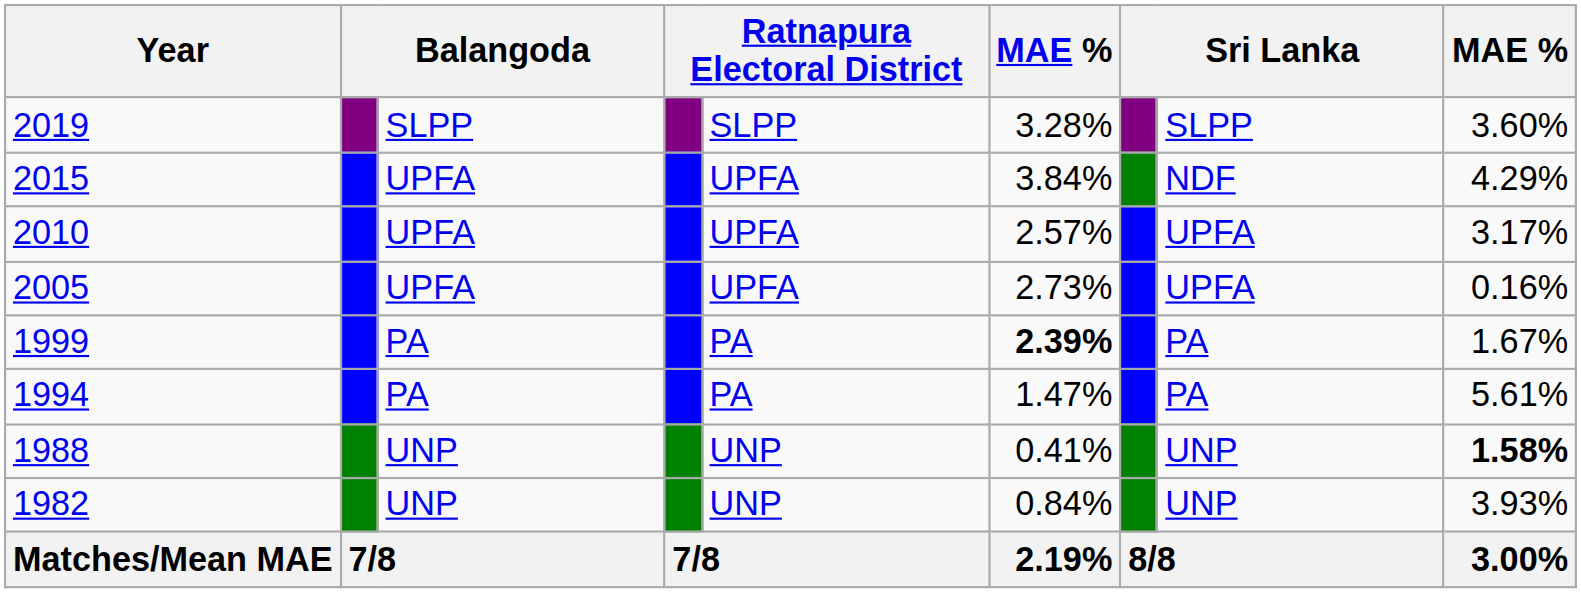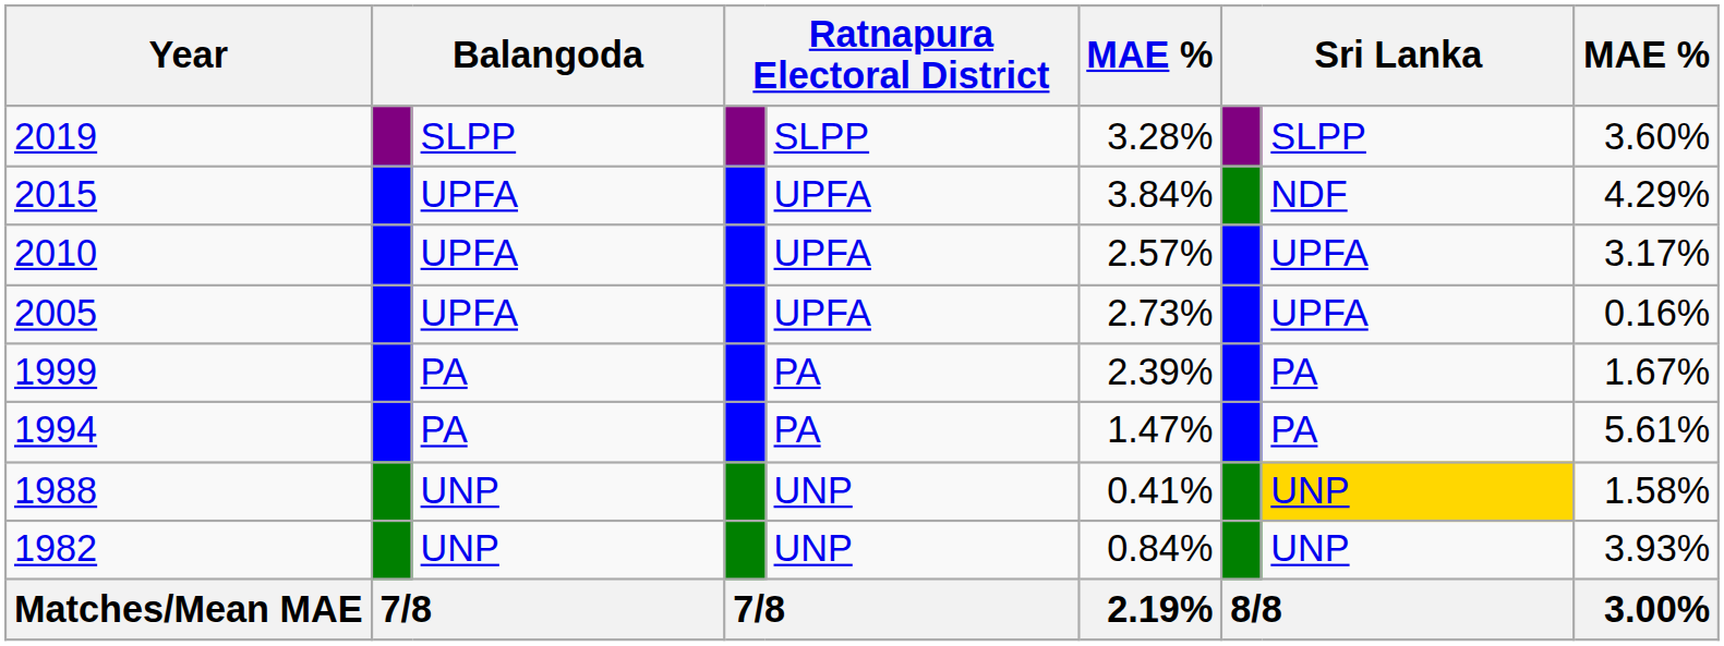 <table class="wikitable">
 <tr>
 <th>Year</th>
 <th colspan="2" width="144px">Balangoda</th>
 <th colspan="2" width="144px"><a href='#'>Ratnapura Electoral District</a></th>
 <th><a href='#'>MAE</a> %</th>
 <th colspan="2" width="144px">Sri Lanka</th>
 <th>MAE %</th>
 </tr>
 <tr>
 <td><a href='#'>2019</a></td>
 <td style="background-color:purple;" width="10px"></td>
 <td style="text-align:left;"><a href='#'>SLPP</a></td>
 <td style="background-color:purple;" width="10px"></td>
 <td style="text-align:left;"><a href='#'>SLPP</a></td>
 <td style="text-align:right;">3.28%</td>
 <td style="background-color:purple;" width="10px"></td>
 <td style="text-align:left;"><a href='#'>SLPP</a></td>
 <td style="text-align:right;">3.60%</td>
 </tr>
 <tr>
 <td><a href='#'>2015</a></td>
 <td style="background-color:blue;" width="10px"></td>
 <td style="text-align:left;"><a href='#'>UPFA</a></td>
 <td style="background-color:blue;" width="10px"></td>
 <td style="text-align:left;"><a href='#'>UPFA</a></td>
 <td style="text-align:right;">3.84%</td>
 <td style="background-color:green;" width="10px"></td>
 <td style="text-align:left;"><a href='#'>NDF</a></td>
 <td style="text-align:right;">4.29%</td>
 </tr>
 <tr>
 <td><a href='#'>2010</a></td>
 <td style="background-color:blue;" width="10px"></td>
 <td style="text-align:left;"><a href='#'>UPFA</a></td>
 <td style="background-color:blue;" width="10px"></td>
 <td style="text-align:left;"><a href='#'>UPFA</a></td>
 <td style="text-align:right;">2.57%</td>
 <td style="background-color:blue;" width="10px"></td>
 <td style="text-align:left;"><a href='#'>UPFA</a></td>
 <td style="text-align:right;">3.17%</td>
 </tr>
 <tr>
 <td><a href='#'>2005</a></td>
 <td style="background-color:blue;" width="10px"></td>
 <td style="text-align:left;"><a href='#'>UPFA</a></td>
 <td style="background-color:blue;" width="10px"></td>
 <td style="text-align:left;"><a href='#'>UPFA</a></td>
 <td style="text-align:right;">2.73%</td>
 <td style="background-color:blue;" width="10px"></td>
 <td style="text-align:left;"><a href='#'>UPFA</a></td>
 <td style="text-align:right;">0.16%</td>
 </tr>
 <tr>
 <td><a href='#'>1999</a></td>
 <td style="background-color:blue;" width="10px"></td>
 <td style="text-align:left;"><a href='#'>PA</a></td>
 <td style="background-color:blue;" width="10px"></td>
 <td style="text-align:left;"><a href='#'>PA</a></td>
-<td style="text-align:right;"><strong>2.39%</strong></td>
+<td style="text-align:right;">2.39%</td>
 <td style="background-color:blue;" width="10px"></td>
 <td style="text-align:left;"><a href='#'>PA</a></td>
 <td style="text-align:right;">1.67%</td>
 </tr>
 <tr>
 <td><a href='#'>1994</a></td>
 <td style="background-color:blue;" width="10px"></td>
 <td style="text-align:left;"><a href='#'>PA</a></td>
 <td style="background-color:blue;" width="10px"></td>
 <td style="text-align:left;"><a href='#'>PA</a></td>
 <td style="text-align:right;">1.47%</td>
 <td style="background-color:blue;" width="10px"></td>
 <td style="text-align:left;"><a href='#'>PA</a></td>
 <td style="text-align:right;">5.61%</td>
 </tr>
 <tr>
 <td><a href='#'>1988</a></td>
 <td style="background-color:green;" width="10px"></td>
 <td style="text-align:left;"><a href='#'>UNP</a></td>
 <td style="background-color:green;" width="10px"></td>
 <td style="text-align:left;"><a href='#'>UNP</a></td>
 <td style="text-align:right;">0.41%</td>
 <td style="background-color:green;" width="10px"></td>
-<td style="text-align:left;"><a href='#'>UNP</a></td>
-<td style="text-align:right;"><strong>1.58%</strong></td>
+<td style="background: gold; text-align:left;"><a href='#'>UNP</a></td>
+<td style="text-align:right;">1.58%</td>
 </tr>
 <tr>
 <td><a href='#'>1982</a></td>
 <td style="background-color:green;" width="10px"></td>
 <td style="text-align:left;"><a href='#'>UNP</a></td>
 <td style="background-color:green;" width="10px"></td>
 <td style="text-align:left;"><a href='#'>UNP</a></td>
 <td style="text-align:right;">0.84%</td>
 <td style="background-color:green;" width="10px"></td>
 <td style="text-align:left;"><a href='#'>UNP</a></td>
 <td style="text-align:right;">3.93%</td>
 </tr>
 <tr>
 <th>Matches/Mean MAE</th>
 <th style="text-align:left;"colspan="2" width="144px">7/8</th>
 <th style="text-align:left;"colspan="2" width="144px">7/8</th>
 <th style="text-align:right;">2.19%</th>
 <th style="text-align:left;"colspan="2" width="144px">8/8</th>
 <th style="text-align:right;">3.00%</th>
 </tr>
 </table>
